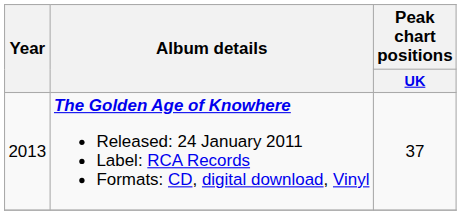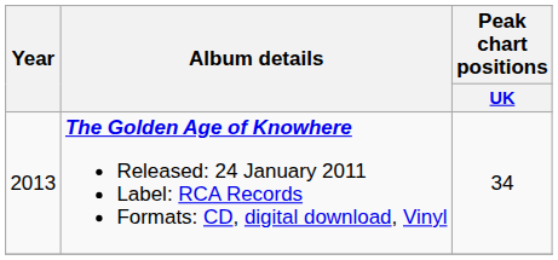 <table class="wikitable" style="text-align:center;">
 <tr>
 <th rowspan="2">Year</th>
 <th rowspan="2">Album details</th>
 <th colspan="1">Peak chart positions</th>
 </tr>
 <tr>
 <th style="width:5em;font-size:85%"><a href='#'>UK</a></th>
 </tr>
 <tr>
 <td>2013</td>
 <td style="text-align:left;"><strong><em><a href='#'>The Golden Age of Knowhere</a></em></strong><br><ul><li>Released: 24 January 2011</li><li>Label: <a href='#'>RCA Records</a></li><li>Formats: <a href='#'>CD</a>, <a href='#'>digital download</a>, <a href='#'>Vinyl</a></li></ul></td>
-<td>37</td>
+<td>34</td>
 </tr>
 <tr>
 </tr>
 </table>
